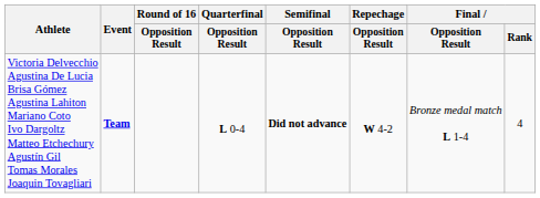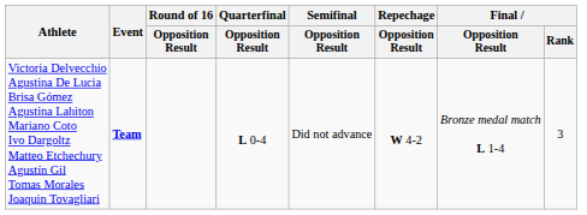 <table class=wikitable style=font-size:90%>
 <tr>
 <th rowspan=2>Athlete</th>
 <th rowspan=2>Event</th>
 <th>Round of 16</th>
 <th>Quarterfinal</th>
 <th>Semifinal</th>
 <th>Repechage</th>
 <th colspan=2>Final / </th>
 </tr>
 <tr style=font-size:95%>
 <th>Opposition<br>Result</th>
 <th>Opposition<br>Result</th>
 <th>Opposition<br>Result</th>
 <th>Opposition<br>Result</th>
 <th>Opposition<br>Result</th>
 <th>Rank</th>
 </tr>
 <tr align=center>
 <td align=left><a href='#'>Victoria Delvecchio</a><br><a href='#'>Agustina De Lucia</a><br><a href='#'>Brisa Gómez</a><br><a href='#'>Agustina Lahiton</a><br><a href='#'>Mariano Coto</a><br><a href='#'>Ivo Dargoltz</a><br><a href='#'>Matteo Etchechury</a><br><a href='#'>Agustín Gil</a><br><a href='#'>Tomas Morales</a><br><a href='#'>Joaquin Tovagliari</a></td>
 <td align=left><strong><a href='#'>Team</a></strong></td>
 <td></td>
 <td><br><strong>L</strong> 0-4</td>
-<td><strong>Did not advance</strong></td>
+<td>Did not advance</td>
 <td><br><strong>W</strong> 4-2</td>
 <td><em>Bronze medal match</em><br><br><strong>L</strong> 1-4</td>
-<td>4</td>
+<td>3</td>
 </tr>
 </table>
